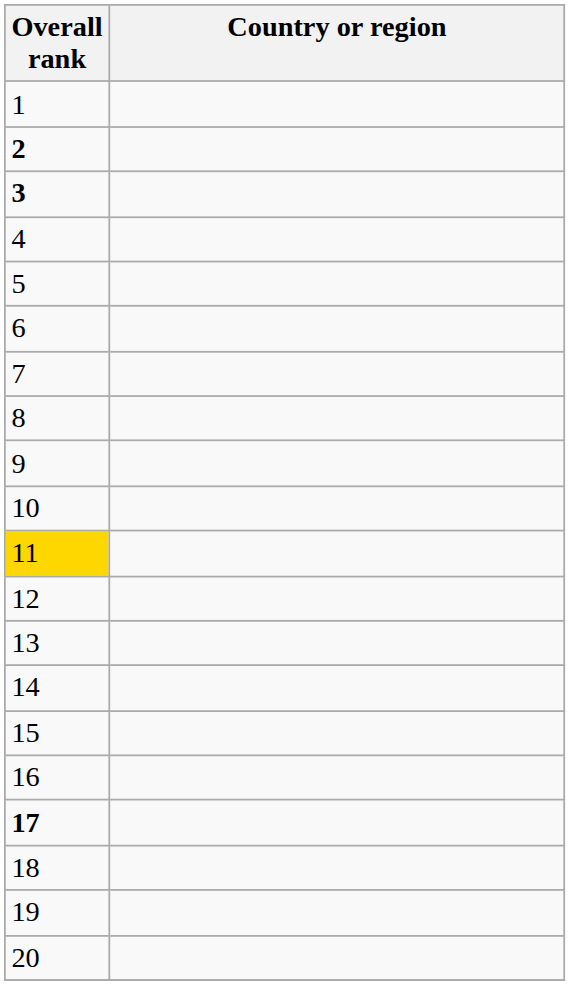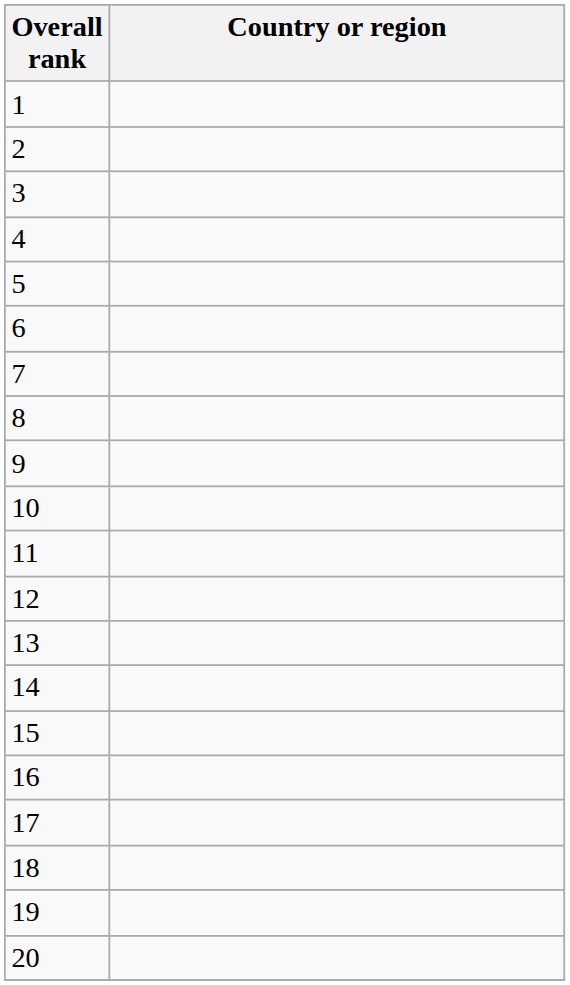 <table class="wikitable sortable">
 <tr valign="top">
 <th style="width: 10px;">Overall rank</th>
 <th style="width: 250px;">Country or region</th>
 </tr>
 <tr>
 <td>1</td>
 <td></td>
 </tr>
 <tr>
-<td><strong>2</strong></td>
+<td>2</td>
 <td></td>
 </tr>
 <tr>
-<td><strong>3</strong></td>
+<td>3</td>
 <td></td>
 </tr>
 <tr>
 <td>4</td>
 <td></td>
 </tr>
 <tr>
 <td>5</td>
 <td></td>
 </tr>
 <tr>
 <td>6</td>
 <td></td>
 </tr>
 <tr>
 <td>7</td>
 <td></td>
 </tr>
 <tr>
 <td>8</td>
 <td></td>
 </tr>
 <tr>
 <td>9</td>
 <td></td>
 </tr>
 <tr>
 <td>10</td>
 <td></td>
 </tr>
 <tr>
-<td style="background: gold;">11</td>
+<td>11</td>
 <td></td>
 </tr>
 <tr>
 <td>12</td>
 <td></td>
 </tr>
 <tr>
 <td>13</td>
 <td></td>
 </tr>
 <tr>
 <td>14</td>
 <td></td>
 </tr>
 <tr>
 <td>15</td>
 <td></td>
 </tr>
 <tr>
 <td>16</td>
 <td></td>
 </tr>
 <tr>
-<td><strong>17</strong></td>
+<td>17</td>
 <td></td>
 </tr>
 <tr>
 <td>18</td>
 <td></td>
 </tr>
 <tr>
 <td>19</td>
 <td></td>
 </tr>
 <tr>
 <td>20</td>
 <td></td>
 </tr>
 <tr>
 </tr>
 </table>
